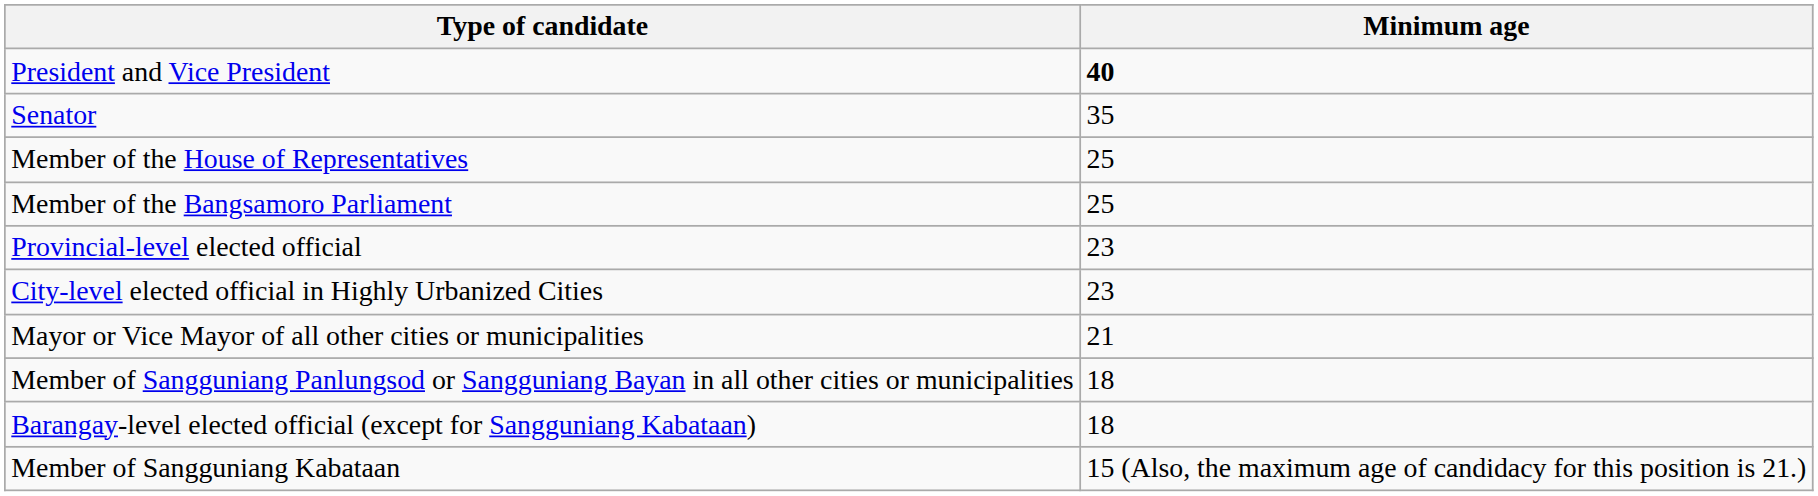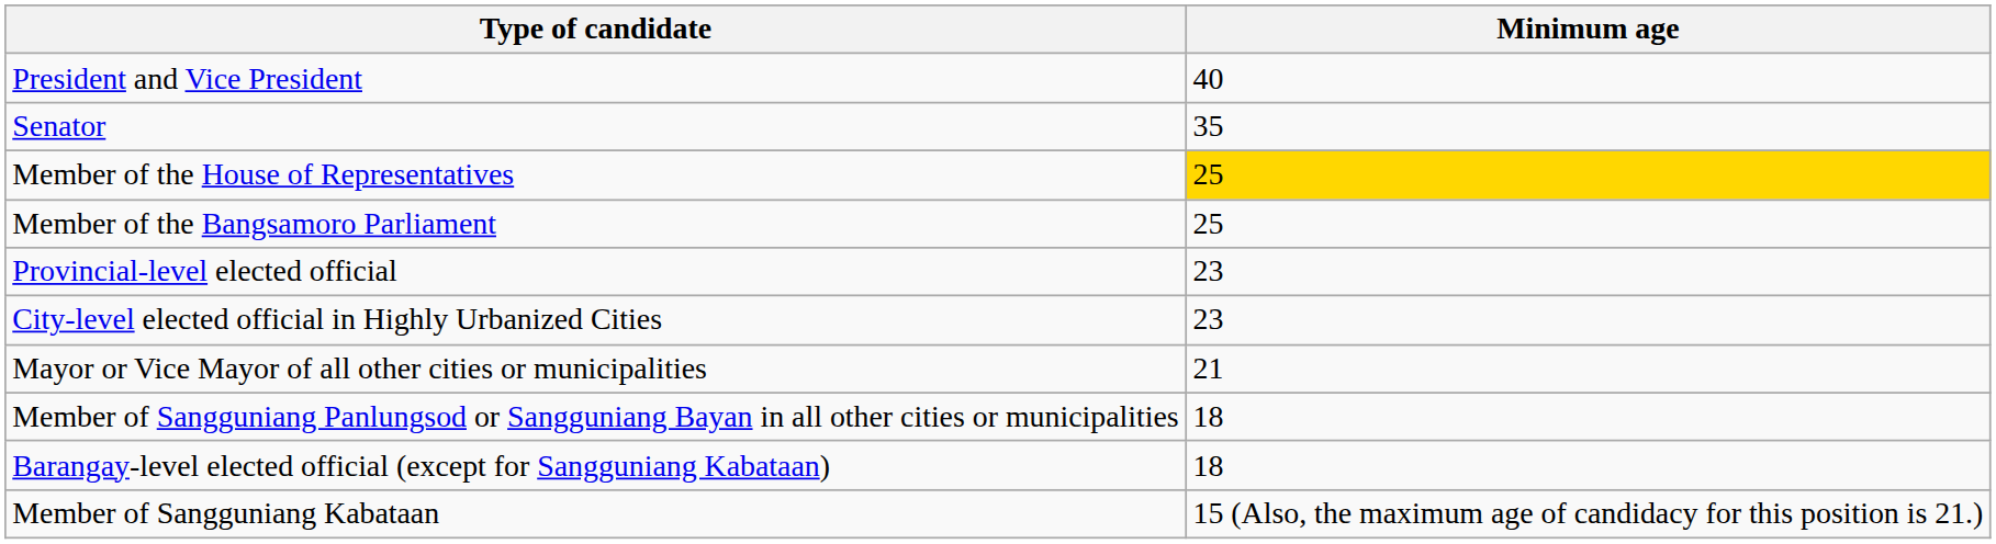 <table class="wikitable sortable">
 <tr>
 <th>Type of candidate</th>
 <th>Minimum age</th>
 </tr>
 <tr>
 <td><a href='#'>President</a> and <a href='#'>Vice President</a></td>
-<td><strong>40</strong></td>
+<td>40</td>
 </tr>
 <tr>
 <td><a href='#'>Senator</a></td>
 <td>35</td>
 </tr>
 <tr>
 <td>Member of the <a href='#'>House of Representatives</a></td>
-<td>25</td>
+<td style="background: gold;">25</td>
 </tr>
 <tr>
 <td>Member of the <a href='#'>Bangsamoro Parliament</a></td>
 <td>25</td>
 </tr>
 <tr>
 <td><a href='#'>Provincial-level</a> elected official</td>
 <td>23</td>
 </tr>
 <tr>
 <td><a href='#'>City-level</a> elected official in Highly Urbanized Cities</td>
 <td>23</td>
 </tr>
 <tr>
 <td>Mayor or Vice Mayor of all other cities or municipalities</td>
 <td>21</td>
 </tr>
 <tr>
 <td>Member of <a href='#'>Sangguniang Panlungsod</a> or <a href='#'>Sangguniang Bayan</a> in all other cities or municipalities</td>
 <td>18</td>
 </tr>
 <tr>
 <td><a href='#'>Barangay</a>-level elected official (except for <a href='#'>Sangguniang Kabataan</a>)</td>
 <td>18</td>
 </tr>
 <tr>
 <td>Member of Sangguniang Kabataan</td>
 <td>15 (Also, the maximum age of candidacy for this position is 21.)</td>
 </tr>
 </table>
